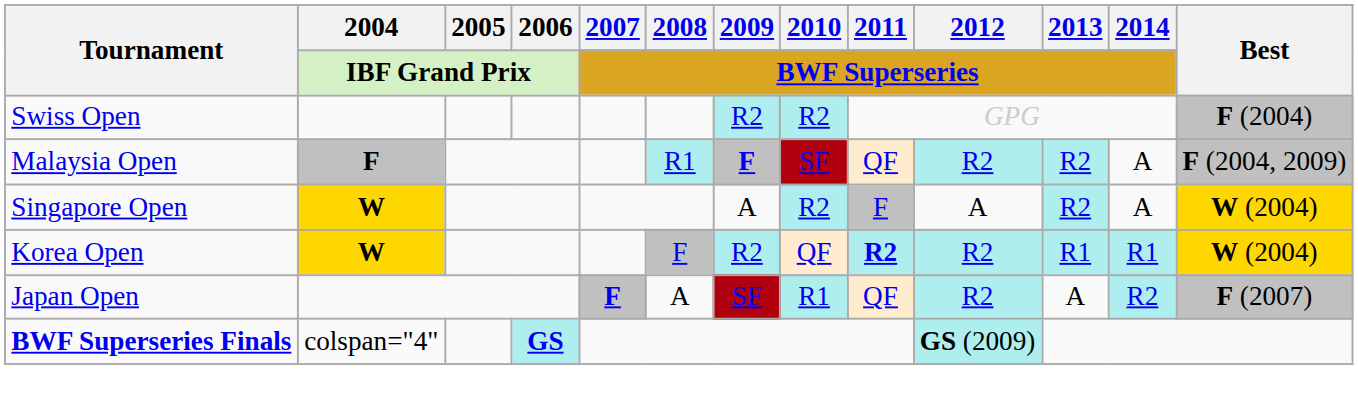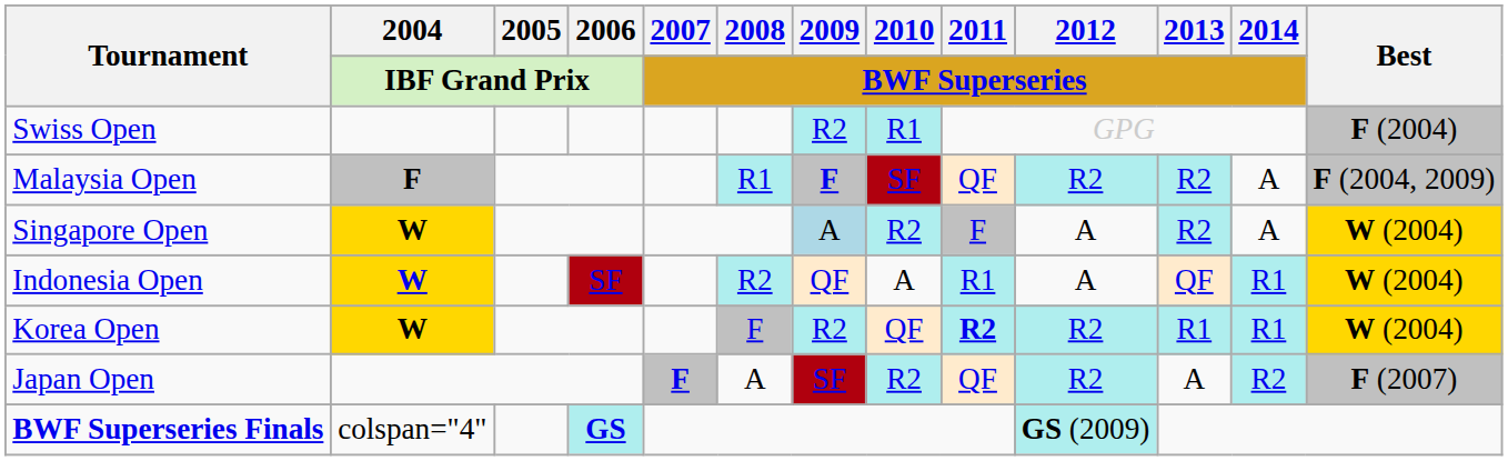 <table class="wikitable" style="font-size: 90%; text-align:center">
 <tr>
 <th rowspan="2">Tournament</th>
 <th>2004</th>
 <th>2005</th>
 <th>2006</th>
 <th><a href='#'>2007</a></th>
 <th><a href='#'>2008</a></th>
 <th><a href='#'>2009</a></th>
 <th><a href='#'>2010</a></th>
 <th><a href='#'>2011</a></th>
 <th><a href='#'>2012</a></th>
 <th><a href='#'>2013</a></th>
 <th><a href='#'>2014</a></th>
 <th rowspan="2">Best</th>
 </tr>
 <tr>
 <td colspan="3" align=center bgcolor=D4F1C5><strong>IBF Grand Prix</strong></td>
 <td colspan="8" align=center bgcolor=DAA520><strong><a href='#'>BWF Superseries</a></strong></td>
 </tr>
 <tr>
 <td align=left><a href='#'>Swiss Open</a></td>
 <td></td>
 <td></td>
 <td></td>
 <td></td>
 <td></td>
 <td bgcolor=AFEEEE><a href='#'>R2</a></td>
-<td bgcolor=AFEEEE><a href='#'>R2</a></td>
+<td bgcolor=AFEEEE><a href='#'>R1</a></td>
 <td colspan="4" style=color:#ccc><em>GPG</em></td>
 <td bgcolor=Silver><strong>F</strong> (2004)</td>
 </tr>
 <tr>
 <td align=left><a href='#'>Malaysia Open</a></td>
 <td bgcolor=Silver><strong>F</strong></td>
 <td colspan="2"></td>
 <td></td>
 <td bgcolor=AFEEEE><a href='#'>R1</a></td>
 <td bgcolor=Silver><a href='#'><strong>F</strong></a></td>
 <td bgcolor=Bronze><a href='#'>SF</a></td>
 <td bgcolor=FFEBCD><a href='#'>QF</a></td>
 <td bgcolor=AFEEEE><a href='#'>R2</a></td>
 <td bgcolor=AFEEEE><a href='#'>R2</a></td>
 <td>A</td>
 <td bgcolor=Silver><strong>F</strong> (2004, 2009)</td>
 </tr>
 <tr>
 <td align=left><a href='#'>Singapore Open</a></td>
 <td bgcolor=Gold><strong>W</strong></td>
 <td colspan="2"></td>
 <td colspan="2"></td>
-<td>A</td>
+<td style="background: lightblue;">A</td>
 <td bgcolor=AFEEEE><a href='#'>R2</a></td>
 <td bgcolor=Silver><a href='#'>F</a></td>
 <td>A</td>
 <td bgcolor=AFEEEE><a href='#'>R2</a></td>
 <td>A</td>
+<td bgcolor=Gold><strong>W</strong> (2004)</td>
+</tr>
+<tr>
+<td align=left><a href='#'>Indonesia Open</a></td>
+<td bgcolor=Gold><a href='#'><strong>W</strong></a></td>
+<td></td>
+<td bgcolor=Bronze><a href='#'>SF</a></td>
+<td></td>
+<td bgcolor=AFEEEE><a href='#'>R2</a></td>
+<td bgcolor=FFEBCD><a href='#'>QF</a></td>
+<td>A</td>
+<td bgcolor=AFEEEE><a href='#'>R1</a></td>
+<td>A</td>
+<td bgcolor=FFEBCD><a href='#'>QF</a></td>
+<td bgcolor=AFEEEE><a href='#'>R1</a></td>
 <td bgcolor=Gold><strong>W</strong> (2004)</td>
 </tr>
 <tr>
 <td align=left><a href='#'>Korea Open</a></td>
 <td bgcolor=Gold><strong>W</strong></td>
 <td colspan="2"></td>
 <td></td>
 <td bgcolor=Silver><a href='#'>F</a></td>
 <td bgcolor=AFEEEE><a href='#'>R2</a></td>
 <td bgcolor=FFEBCD><a href='#'>QF</a></td>
 <td bgcolor=AFEEEE><strong><a href='#'>R2</a></strong></td>
 <td bgcolor=AFEEEE><a href='#'>R2</a></td>
 <td bgcolor=AFEEEE><a href='#'>R1</a></td>
 <td bgcolor=AFEEEE><a href='#'>R1</a></td>
 <td bgcolor=Gold><strong>W</strong> (2004)</td>
 </tr>
 <tr>
 <td align=left><a href='#'>Japan Open</a></td>
 <td colspan="3"></td>
 <td bgcolor=Silver><a href='#'><strong>F</strong></a></td>
 <td>A</td>
 <td bgcolor=Bronze><a href='#'>SF</a></td>
-<td bgcolor=AFEEEE><a href='#'>R1</a></td>
+<td bgcolor=AFEEEE><a href='#'>R2</a></td>
 <td bgcolor=FFEBCD><a href='#'>QF</a></td>
 <td bgcolor=AFEEEE><a href='#'>R2</a></td>
 <td>A</td>
 <td bgcolor=AFEEEE><a href='#'>R2</a></td>
 <td bgcolor=Silver><strong>F</strong> (2007)</td>
 </tr>
 <tr>
 <td align=left><strong><a href='#'>BWF Superseries Finals</a></strong></td>
 <td>colspan="4" </td>
 <td></td>
 <td bgcolor=AFEEEE><a href='#'><strong>GS</strong></a></td>
 <td colspan="5"></td>
 <td bgcolor=AFEEEE><strong>GS</strong> (2009)</td>
 </tr>
 </table>
